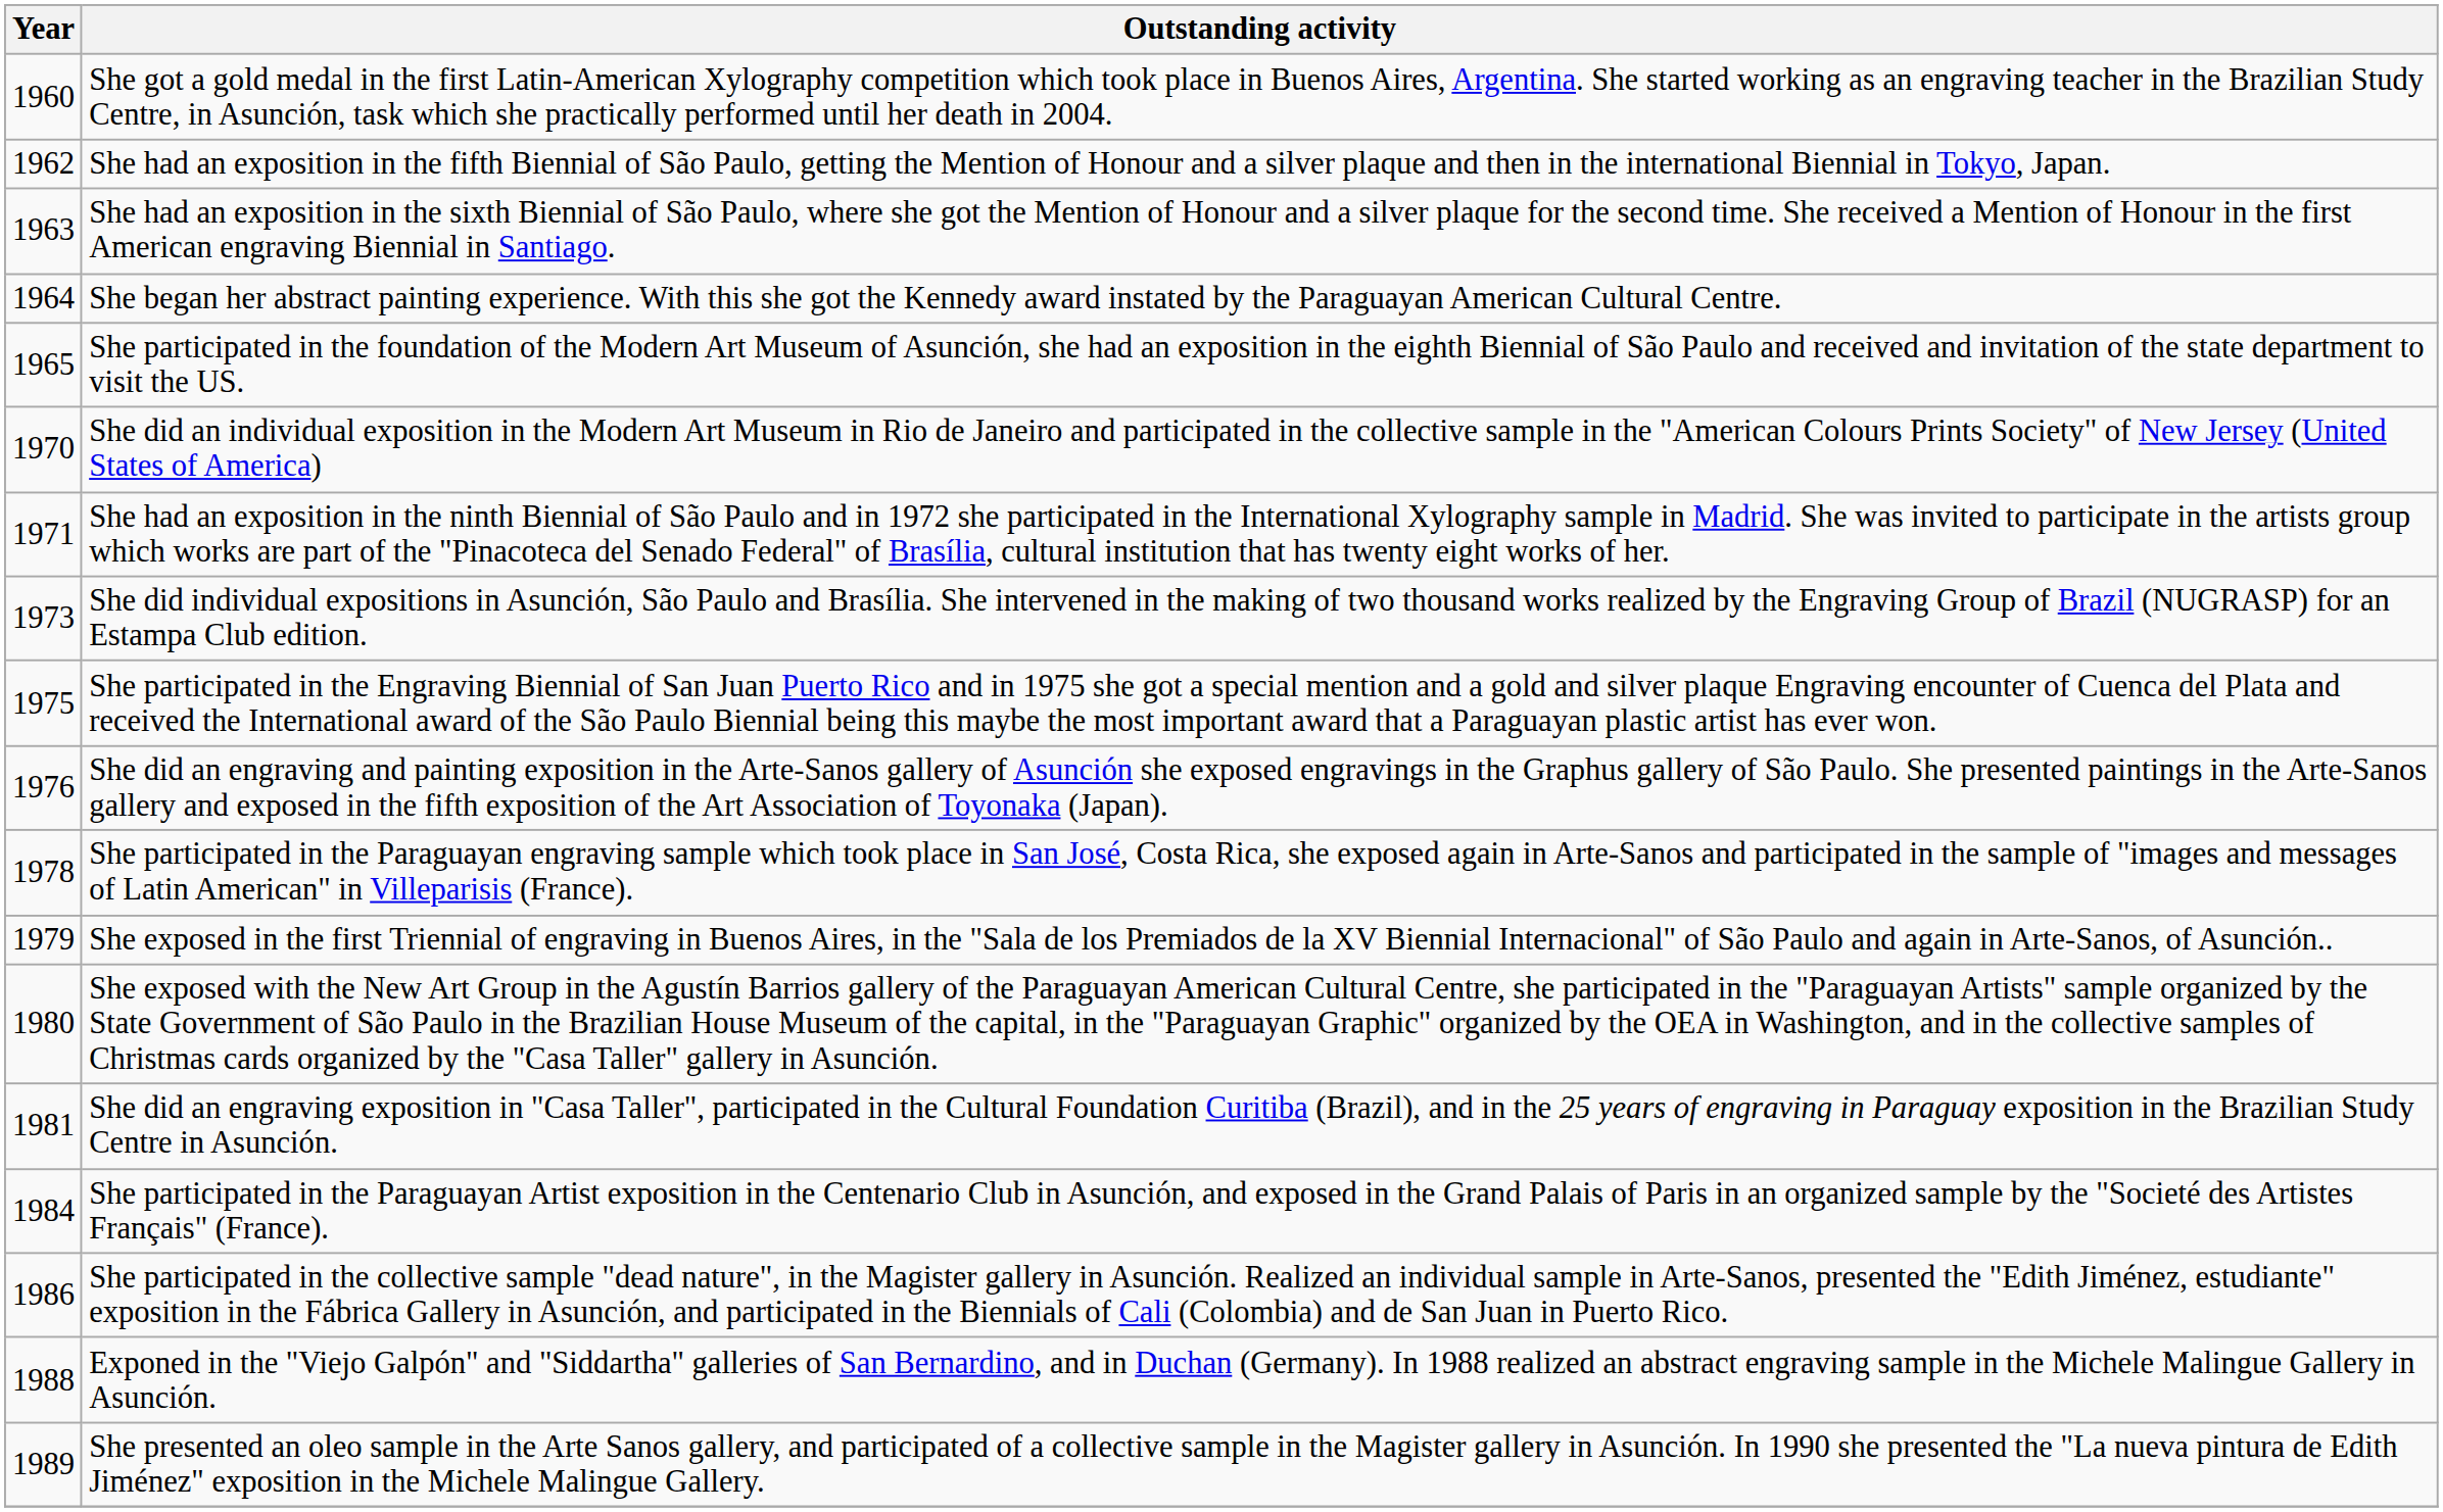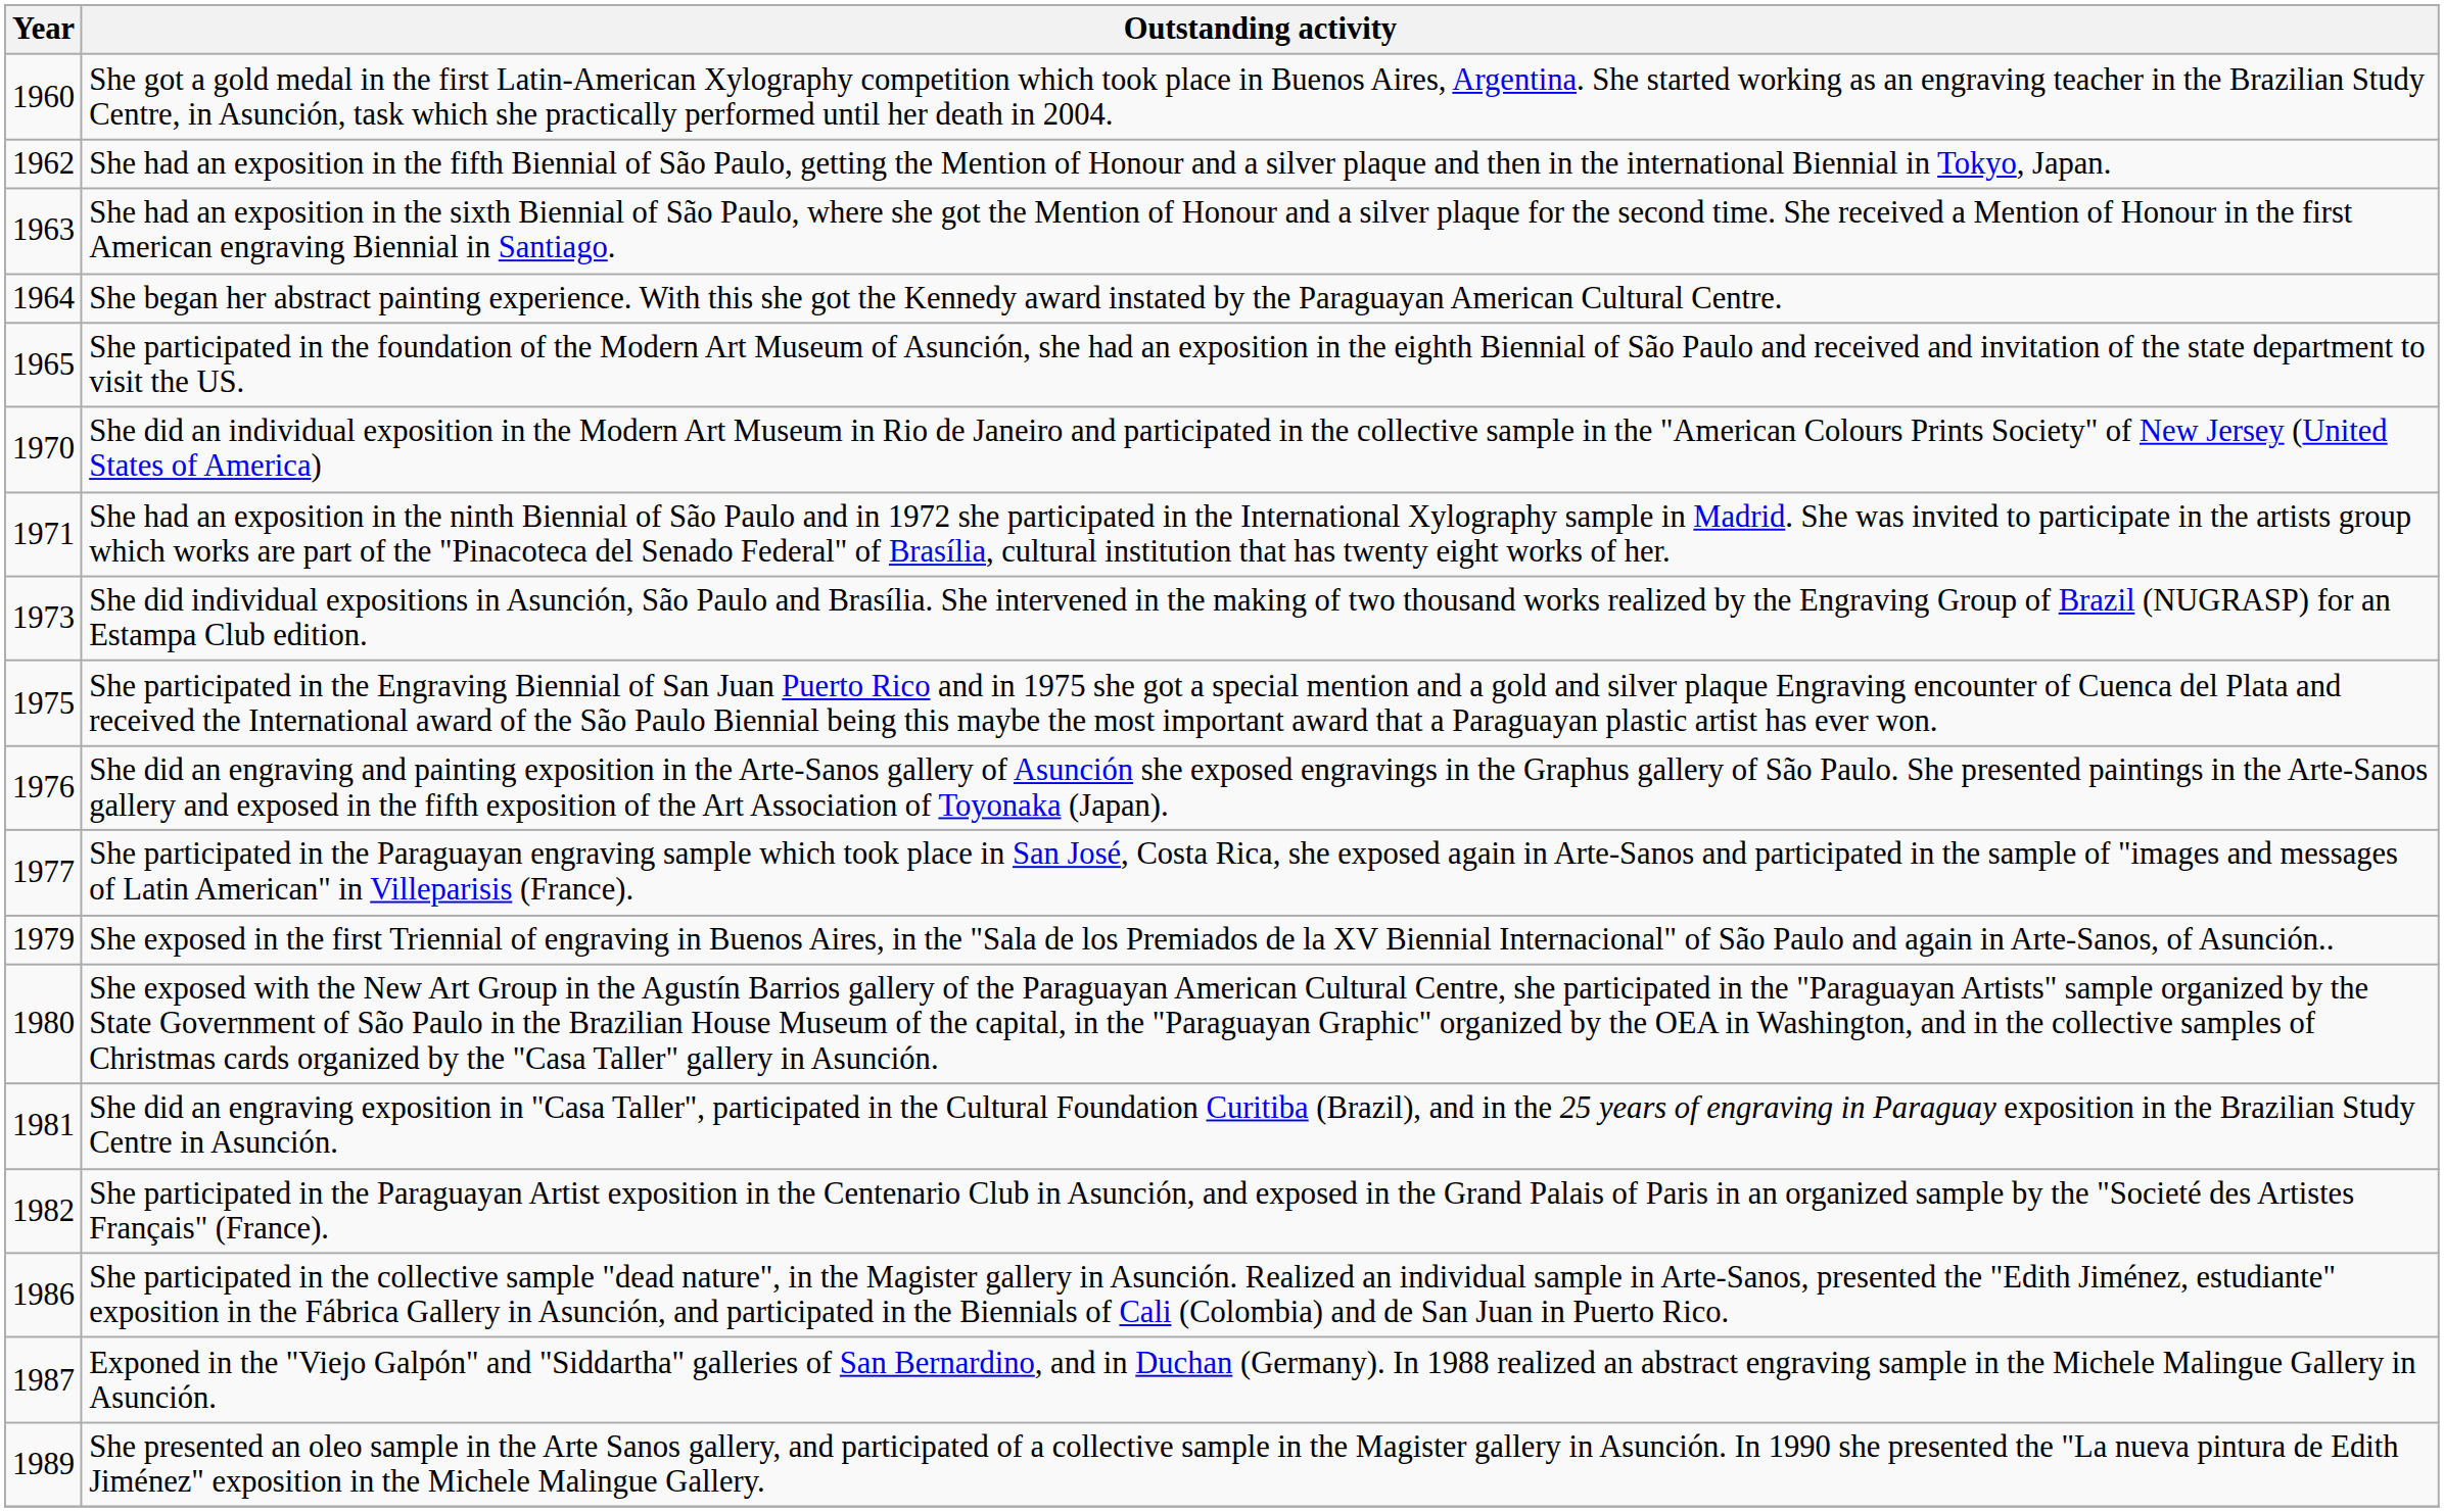 <table class="wikitable">
 <tr>
 <th>Year</th>
 <th>Outstanding activity</th>
 </tr>
 <tr ------>
 <td>1960</td>
 <td>She got a gold medal in the first Latin-American Xylography competition which took place in Buenos Aires, <a href='#'>Argentina</a>. She started working as an engraving teacher in the Brazilian Study Centre, in Asunción, task which she practically performed until her death in 2004.</td>
 </tr>
 <tr -------->
 <td>1962</td>
 <td>She had an exposition in the fifth Biennial of São Paulo, getting the Mention of Honour and a silver plaque and then in the international Biennial in <a href='#'>Tokyo</a>, Japan.</td>
 </tr>
 <tr -------->
 <td>1963</td>
 <td>She had an exposition in the sixth Biennial of São Paulo, where she got the Mention of Honour and a silver plaque for the second time. She received a Mention of Honour in the first American engraving Biennial in <a href='#'>Santiago</a>.</td>
 </tr>
 <tr -------->
 <td>1964</td>
 <td>She began her abstract painting experience. With this she got the Kennedy award instated by the Paraguayan American Cultural Centre.</td>
 </tr>
 <tr -------->
 <td>1965</td>
 <td>She participated in the foundation of the Modern Art Museum of Asunción, she had an exposition in the eighth Biennial of São Paulo and received and invitation of the state department to visit the US.</td>
 </tr>
 <tr -------->
 <td>1970</td>
 <td>She did an individual exposition in the Modern Art Museum in Rio de Janeiro and participated in the collective sample in the "American Colours Prints Society" of <a href='#'>New Jersey</a> (<a href='#'>United States of America</a>)</td>
 </tr>
 <tr -------->
 <td>1971</td>
 <td>She had an exposition in the ninth Biennial of São Paulo and in 1972 she participated in the International Xylography sample in <a href='#'>Madrid</a>. She was invited to participate in the artists group which works are part of the "Pinacoteca del Senado Federal" of <a href='#'>Brasília</a>, cultural institution that has twenty eight works of her.</td>
 </tr>
 <tr -------->
 <td>1973</td>
 <td>She did individual expositions in Asunción, São Paulo and Brasília. She intervened in the making of two thousand works realized by the Engraving Group of <a href='#'>Brazil</a> (NUGRASP) for an Estampa Club edition.</td>
 </tr>
 <tr -------->
 <td>1975</td>
 <td>She participated in the Engraving Biennial of San Juan <a href='#'>Puerto Rico</a> and in 1975 she got a special mention and a gold and silver plaque Engraving encounter of Cuenca del Plata and received the International award of the São Paulo Biennial being this maybe the most important award that a Paraguayan plastic artist has ever won.</td>
 </tr>
 <tr -------->
 <td>1976</td>
 <td>She did an engraving and painting exposition in the Arte-Sanos gallery of <a href='#'>Asunción</a> she exposed engravings in the Graphus gallery of São Paulo. She presented paintings in the Arte-Sanos gallery and exposed in the fifth exposition of the Art Association of <a href='#'>Toyonaka</a> (Japan).</td>
 </tr>
 <tr -------->
-<td>1978</td>
+<td>1977</td>
 <td>She participated in the Paraguayan engraving sample which took place in <a href='#'>San José</a>, Costa Rica, she exposed again in Arte-Sanos and participated in the sample of "images and messages of Latin American" in <a href='#'>Villeparisis</a> (France).</td>
 </tr>
 <tr -------->
 <td>1979</td>
 <td>She exposed in the first Triennial of engraving in Buenos Aires, in the "Sala de los Premiados de la XV Biennial Internacional" of São Paulo and again in Arte-Sanos, of Asunción..</td>
 </tr>
 <tr -------->
 <td>1980</td>
 <td>She exposed with the New Art Group in the Agustín Barrios gallery of the Paraguayan American Cultural Centre, she participated in the "Paraguayan Artists" sample organized by the State Government of São Paulo in the Brazilian House Museum of the capital, in the "Paraguayan Graphic" organized by the OEA in Washington, and in the collective samples of Christmas cards organized by the "Casa Taller" gallery in Asunción.</td>
 </tr>
 <tr -------->
 <td>1981</td>
 <td>She did an engraving exposition in "Casa Taller", participated in the Cultural Foundation <a href='#'>Curitiba</a> (Brazil), and in the <em>25 years of engraving in Paraguay</em> exposition in the Brazilian Study Centre in Asunción.</td>
 </tr>
 <tr -------->
-<td>1984</td>
+<td>1982</td>
 <td>She participated in the Paraguayan Artist exposition in the Centenario Club in Asunción, and exposed in the Grand Palais of Paris in an organized sample by the "Societé des Artistes Français" (France).</td>
 </tr>
 <tr -------->
 <td>1986</td>
 <td>She participated in the collective sample "dead nature", in the Magister gallery in Asunción. Realized an individual sample in Arte-Sanos, presented the "Edith Jiménez, estudiante" exposition in the Fábrica Gallery in Asunción, and participated in the Biennials of <a href='#'>Cali</a> (Colombia) and de San Juan in Puerto Rico.</td>
 </tr>
 <tr -------->
-<td>1988</td>
+<td>1987</td>
 <td>Exponed in the "Viejo Galpón" and "Siddartha" galleries of <a href='#'>San Bernardino</a>, and in <a href='#'>Duchan</a> (Germany). In 1988 realized an abstract engraving sample in the Michele Malingue Gallery in Asunción.</td>
 </tr>
 <tr -------->
 <td>1989</td>
 <td>She presented an oleo sample in the  Arte Sanos  gallery, and participated of a collective sample in the Magister gallery in Asunción. In 1990 she presented the "La nueva pintura de Edith Jiménez" exposition in the Michele Malingue Gallery.</td>
 </tr>
 <tr -------->
 </tr>
 </table>
